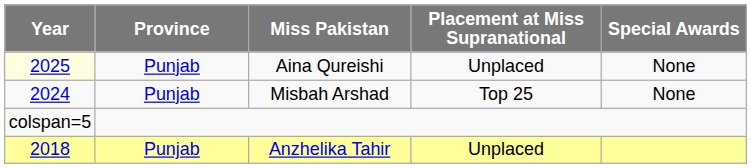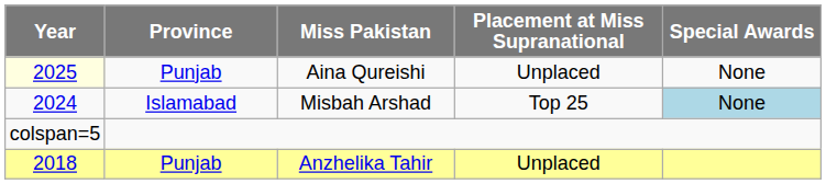 <table class="wikitable" style="font-size: 92%; text-align:center">
 <tr>
 <th width="60" style="background-color:#787878;color:#FFFFFF;">Year</th>
 <th width="230" style="background-color:#787878;color:#FFFFFF;">Province</th>
 <th width="250" style="background-color:#787878;color:#FFFFFF;">Miss Pakistan</th>
 <th width="250" style="background-color:#787878;color:#FFFFFF;">Placement at Miss Supranational</th>
 <th width="230" style="background-color:#787878;color:#FFFFFF;">Special Awards</th>
 </tr>
 <tr>
 <td style="background: lightyellow;"><a href='#'>2025</a></td>
 <td><a href='#'>Punjab</a></td>
 <td>Aina Qureishi</td>
 <td>Unplaced</td>
 <td>None</td>
 </tr>
 <tr>
 <td><a href='#'>2024</a></td>
-<td><a href='#'>Punjab</a></td>
+<td><a href='#'>Islamabad</a></td>
 <td>Misbah Arshad</td>
 <td>Top 25</td>
-<td>None</td>
+<td style="background: lightblue;">None</td>
 </tr>
 <tr>
 <td>colspan=5 </td>
 </tr>
 <tr style="background-color:#FFFF99;">
 <td><a href='#'>2018</a></td>
 <td><a href='#'>Punjab</a></td>
 <td><a href='#'>Anzhelika Tahir</a></td>
 <td>Unplaced</td>
 <td></td>
 </tr>
 </table>
